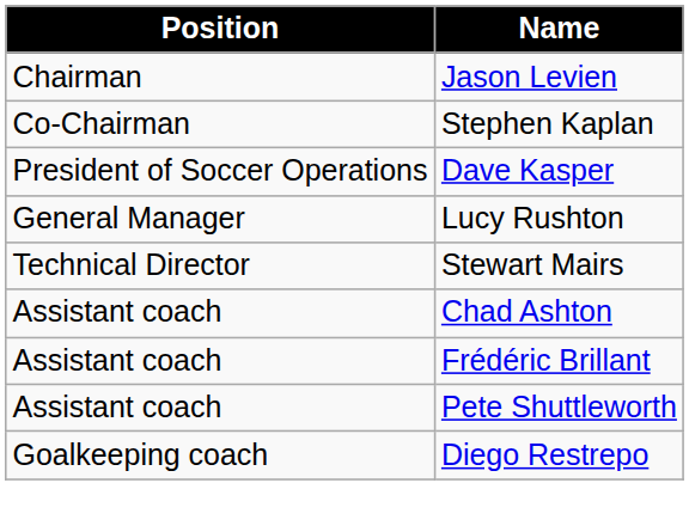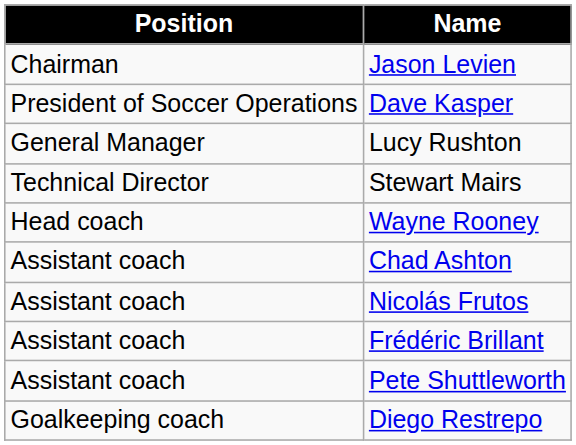 <table class="wikitable">
 <tr>
 <th style="background:#000000; color:white;">Position</th>
 <th style="background:#000000; color:white;">Name</th>
 </tr>
 <tr>
 <td>Chairman</td>
 <td align=left> <a href='#'>Jason Levien</a></td>
-</tr>
-<tr>
-<td>Co-Chairman</td>
-<td align=left> Stephen Kaplan</td>
 </tr>
 <tr>
 <td>President of Soccer Operations</td>
 <td align=left> <a href='#'>Dave Kasper</a></td>
 </tr>
 <tr>
 <td>General Manager</td>
 <td align=left> Lucy Rushton</td>
 </tr>
 <tr>
 <td>Technical Director</td>
 <td align=left> Stewart Mairs</td>
 </tr>
 <tr>
+<td>Head coach</td>
+<td align=left> <a href='#'>Wayne Rooney</a></td>
+</tr>
+<tr>
 <td>Assistant coach</td>
 <td align=left> <a href='#'>Chad Ashton</a></td>
+</tr>
+<tr>
+<td>Assistant coach</td>
+<td align=left> <a href='#'>Nicolás Frutos</a></td>
 </tr>
 <tr>
 <td>Assistant coach</td>
 <td align=left> <a href='#'>Frédéric Brillant</a></td>
 </tr>
 <tr>
 <td>Assistant coach</td>
 <td align=left> <a href='#'>Pete Shuttleworth</a></td>
 </tr>
 <tr>
 <td>Goalkeeping coach</td>
 <td align=left> <a href='#'>Diego Restrepo</a></td>
 </tr>
 </table>
